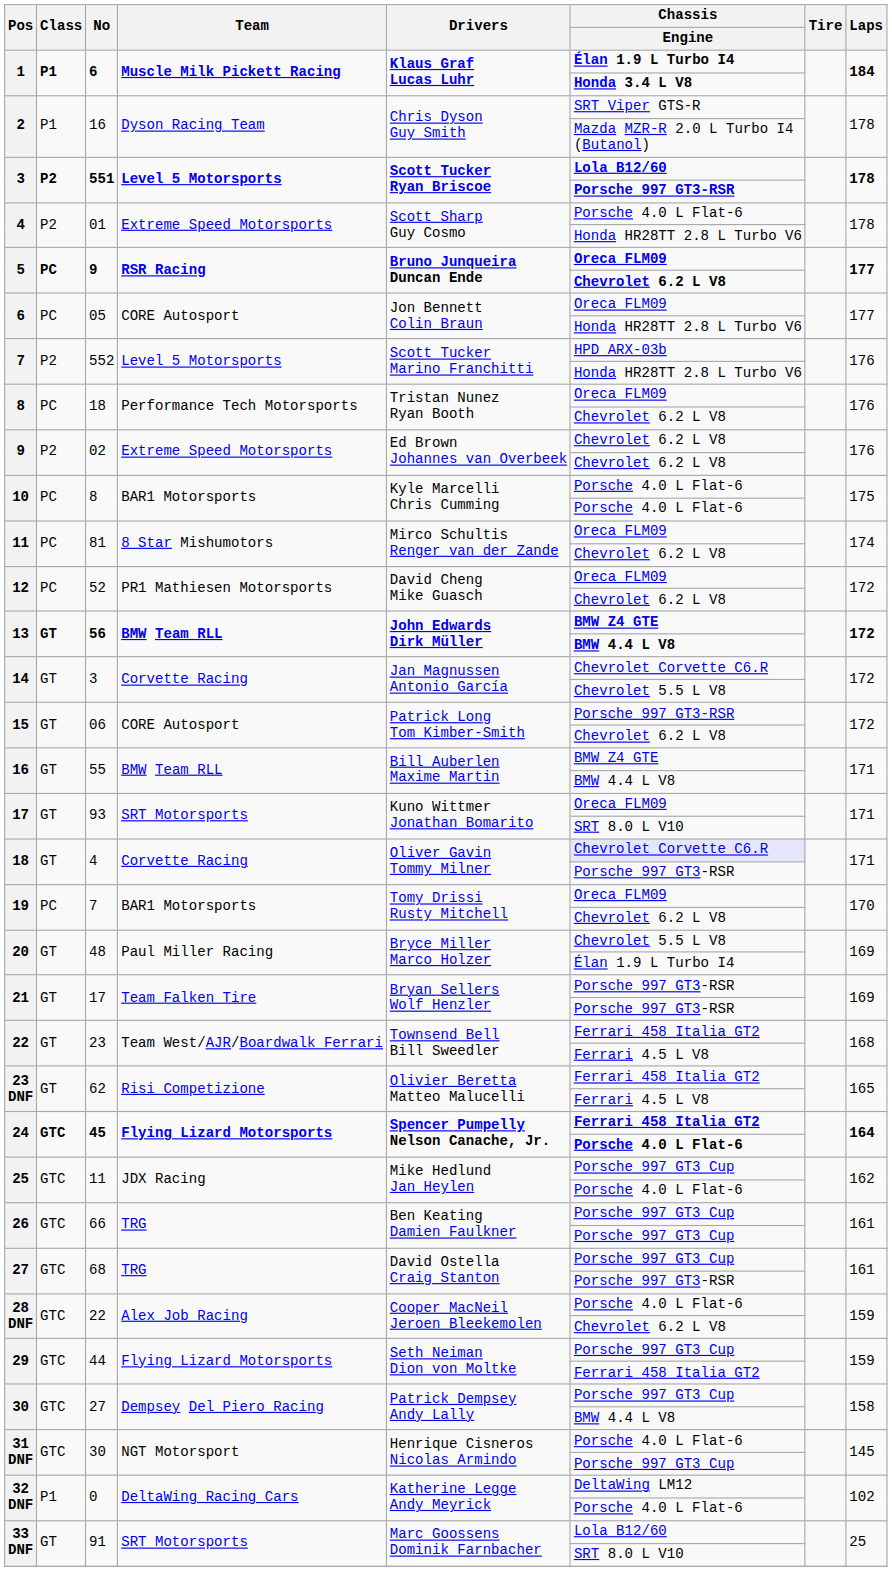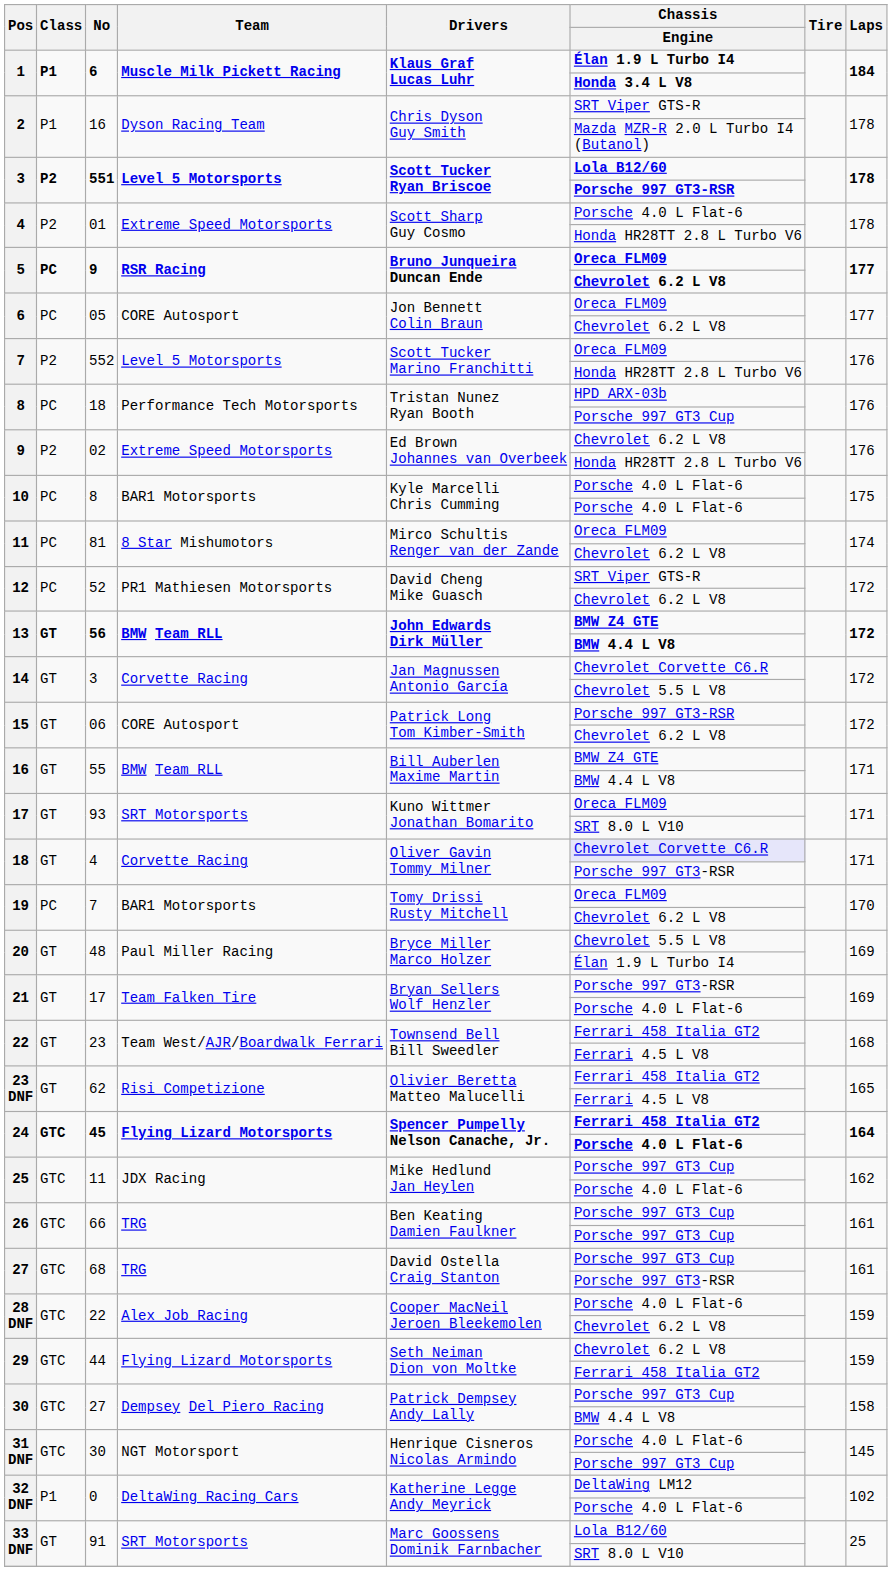 <table class="wikitable" style="font-size: 95%;">
 <tr>
 <th rowspan=2>Pos</th>
 <th rowspan=2>Class</th>
 <th rowspan=2>No</th>
 <th rowspan=2>Team</th>
 <th rowspan=2>Drivers</th>
 <th>Chassis</th>
 <th rowspan=2>Tire</th>
 <th rowspan=2>Laps</th>
 </tr>
 <tr>
 <th>Engine</th>
 </tr>
 <tr style="font-weight:bold">
 <th rowspan=2>1</th>
 <td rowspan=2>P1</td>
 <td rowspan=2>6</td>
 <td rowspan=2> <a href='#'>Muscle Milk Pickett Racing</a></td>
 <td rowspan=2> <a href='#'>Klaus Graf</a><br> <a href='#'>Lucas Luhr</a></td>
 <td><a href='#'>Élan</a> 1.9 L Turbo I4</td>
 <td rowspan=2></td>
 <td rowspan=2>184</td>
 </tr>
 <tr style="font-weight:bold">
 <td><a href='#'>Honda</a> 3.4 L V8</td>
 </tr>
 <tr>
 <th rowspan=2>2</th>
 <td rowspan=2>P1</td>
 <td rowspan=2>16</td>
 <td rowspan=2> <a href='#'>Dyson Racing Team</a></td>
 <td rowspan=2> <a href='#'>Chris Dyson</a><br> <a href='#'>Guy Smith</a></td>
 <td><a href='#'>SRT Viper</a> GTS-R</td>
 <td rowspan=2></td>
 <td rowspan=2>178</td>
 </tr>
 <tr>
 <td><a href='#'>Mazda</a> <a href='#'>MZR-R</a> 2.0 L Turbo I4<br>(<a href='#'>Butanol</a>)</td>
 </tr>
 <tr style="font-weight:bold">
 <th rowspan=2>3</th>
 <td rowspan=2>P2</td>
 <td rowspan=2>551</td>
 <td rowspan=2> <a href='#'>Level 5 Motorsports</a></td>
 <td rowspan=2> <a href='#'>Scott Tucker</a><br> <a href='#'>Ryan Briscoe</a></td>
 <td><a href='#'>Lola B12/60</a></td>
 <td rowspan=2></td>
 <td rowspan=2>178</td>
 </tr>
 <tr style="font-weight:bold">
 <td><a href='#'>Porsche 997 GT3-RSR</a></td>
 </tr>
 <tr>
 <th rowspan=2>4</th>
 <td rowspan=2>P2</td>
 <td rowspan=2>01</td>
 <td rowspan=2> <a href='#'>Extreme Speed Motorsports</a></td>
 <td rowspan=2> <a href='#'>Scott Sharp</a><br> Guy Cosmo</td>
 <td><a href='#'>Porsche</a> 4.0 L Flat-6</td>
 <td rowspan=2></td>
 <td rowspan=2>178</td>
 </tr>
 <tr>
 <td><a href='#'>Honda</a> HR28TT 2.8 L Turbo V6</td>
 </tr>
 <tr style="font-weight:bold">
 <th rowspan=2>5</th>
 <td rowspan=2>PC</td>
 <td rowspan=2>9</td>
 <td rowspan=2> <a href='#'>RSR Racing</a></td>
 <td rowspan=2> <a href='#'>Bruno Junqueira</a><br> Duncan Ende</td>
 <td><a href='#'>Oreca FLM09</a></td>
 <td rowspan=2></td>
 <td rowspan=2>177</td>
 </tr>
 <tr style="font-weight:bold">
 <td><a href='#'>Chevrolet</a> 6.2 L V8</td>
 </tr>
 <tr>
 <th rowspan=2>6</th>
 <td rowspan=2>PC</td>
 <td rowspan=2>05</td>
 <td rowspan=2> CORE Autosport</td>
 <td rowspan=2> Jon Bennett<br> <a href='#'>Colin Braun</a></td>
 <td><a href='#'>Oreca FLM09</a></td>
 <td rowspan=2></td>
 <td rowspan=2>177</td>
 </tr>
 <tr>
-<td><a href='#'>Honda</a> HR28TT 2.8 L Turbo V6</td>
+<td><a href='#'>Chevrolet</a> 6.2 L V8</td>
 </tr>
 <tr>
 <th rowspan=2>7</th>
 <td rowspan=2>P2</td>
 <td rowspan=2>552</td>
 <td rowspan=2> <a href='#'>Level 5 Motorsports</a></td>
 <td rowspan=2> <a href='#'>Scott Tucker</a><br> <a href='#'>Marino Franchitti</a></td>
-<td><a href='#'>HPD ARX-03b</a></td>
+<td><a href='#'>Oreca FLM09</a></td>
 <td rowspan=2></td>
 <td rowspan=2>176</td>
 </tr>
 <tr>
 <td><a href='#'>Honda</a> HR28TT 2.8 L Turbo V6</td>
 </tr>
 <tr>
 <th rowspan=2>8</th>
 <td rowspan=2>PC</td>
 <td rowspan=2>18</td>
 <td rowspan=2> Performance Tech Motorsports</td>
 <td rowspan=2> Tristan Nunez<br> Ryan Booth</td>
-<td><a href='#'>Oreca FLM09</a></td>
+<td><a href='#'>HPD ARX-03b</a></td>
 <td rowspan=2></td>
 <td rowspan=2>176</td>
 </tr>
 <tr>
-<td><a href='#'>Chevrolet</a> 6.2 L V8</td>
+<td><a href='#'>Porsche 997 GT3 Cup</a></td>
 </tr>
 <tr>
 <th rowspan=2>9</th>
 <td rowspan=2>P2</td>
 <td rowspan=2>02</td>
 <td rowspan=2> <a href='#'>Extreme Speed Motorsports</a></td>
 <td rowspan=2> Ed Brown<br> <a href='#'>Johannes van Overbeek</a></td>
 <td><a href='#'>Chevrolet</a> 6.2 L V8</td>
 <td rowspan=2></td>
 <td rowspan=2>176</td>
 </tr>
 <tr>
-<td><a href='#'>Chevrolet</a> 6.2 L V8</td>
+<td><a href='#'>Honda</a> HR28TT 2.8 L Turbo V6</td>
 </tr>
 <tr>
 <th rowspan=2>10</th>
 <td rowspan=2>PC</td>
 <td rowspan=2>8</td>
 <td rowspan=2> BAR1 Motorsports</td>
 <td rowspan=2> Kyle Marcelli<br> Chris Cumming</td>
 <td><a href='#'>Porsche</a> 4.0 L Flat-6</td>
 <td rowspan=2></td>
 <td rowspan=2>175</td>
 </tr>
 <tr>
 <td><a href='#'>Porsche</a> 4.0 L Flat-6</td>
 </tr>
 <tr>
 <th rowspan=2>11</th>
 <td rowspan=2>PC</td>
 <td rowspan=2>81</td>
 <td rowspan=2> <a href='#'>8 Star</a> Mishumotors</td>
 <td rowspan=2> Mirco Schultis<br> <a href='#'>Renger van der Zande</a></td>
 <td><a href='#'>Oreca FLM09</a></td>
 <td rowspan=2></td>
 <td rowspan=2>174</td>
 </tr>
 <tr>
 <td><a href='#'>Chevrolet</a> 6.2 L V8</td>
 </tr>
 <tr>
 <th rowspan=2>12</th>
 <td rowspan=2>PC</td>
 <td rowspan=2>52</td>
 <td rowspan=2> PR1 Mathiesen Motorsports</td>
 <td rowspan=2> David Cheng<br> Mike Guasch</td>
-<td><a href='#'>Oreca FLM09</a></td>
+<td><a href='#'>SRT Viper</a> GTS-R</td>
 <td rowspan=2></td>
 <td rowspan=2>172</td>
 </tr>
 <tr>
 <td><a href='#'>Chevrolet</a> 6.2 L V8</td>
 </tr>
 <tr style="font-weight:bold">
 <th rowspan=2>13</th>
 <td rowspan=2>GT</td>
 <td rowspan=2>56</td>
 <td rowspan=2> <a href='#'>BMW</a> <a href='#'>Team RLL</a></td>
 <td rowspan=2> <a href='#'>John Edwards</a><br> <a href='#'>Dirk Müller</a></td>
 <td><a href='#'>BMW Z4 GTE</a></td>
 <td rowspan=2></td>
 <td rowspan=2>172</td>
 </tr>
 <tr style="font-weight:bold">
 <td><a href='#'>BMW</a> 4.4 L V8</td>
 </tr>
 <tr>
 <th rowspan=2>14</th>
 <td rowspan=2>GT</td>
 <td rowspan=2>3</td>
 <td rowspan=2> <a href='#'>Corvette Racing</a></td>
 <td rowspan=2> <a href='#'>Jan Magnussen</a><br> <a href='#'>Antonio García</a></td>
 <td><a href='#'>Chevrolet Corvette C6.R</a></td>
 <td rowspan=2></td>
 <td rowspan=2>172</td>
 </tr>
 <tr>
 <td><a href='#'>Chevrolet</a> 5.5 L V8</td>
 </tr>
 <tr>
 <th rowspan=2>15</th>
 <td rowspan=2>GT</td>
 <td rowspan=2>06</td>
 <td rowspan=2> CORE Autosport</td>
 <td rowspan=2> <a href='#'>Patrick Long</a><br> <a href='#'>Tom Kimber-Smith</a></td>
 <td><a href='#'>Porsche 997 GT3-RSR</a></td>
 <td rowspan=2></td>
 <td rowspan=2>172</td>
 </tr>
 <tr>
 <td><a href='#'>Chevrolet</a> 6.2 L V8</td>
 </tr>
 <tr>
 <th rowspan=2>16</th>
 <td rowspan=2>GT</td>
 <td rowspan=2>55</td>
 <td rowspan=2> <a href='#'>BMW</a> <a href='#'>Team RLL</a></td>
 <td rowspan=2> <a href='#'>Bill Auberlen</a><br> <a href='#'>Maxime Martin</a></td>
 <td><a href='#'>BMW Z4 GTE</a></td>
 <td rowspan=2></td>
 <td rowspan=2>171</td>
 </tr>
 <tr>
 <td><a href='#'>BMW</a> 4.4 L V8</td>
 </tr>
 <tr>
 <th rowspan=2>17</th>
 <td rowspan=2>GT</td>
 <td rowspan=2>93</td>
 <td rowspan=2> <a href='#'>SRT Motorsports</a></td>
 <td rowspan=2> Kuno Wittmer<br> <a href='#'>Jonathan Bomarito</a></td>
 <td><a href='#'>Oreca FLM09</a></td>
 <td rowspan=2></td>
 <td rowspan=2>171</td>
 </tr>
 <tr>
 <td><a href='#'>SRT</a> 8.0 L V10</td>
 </tr>
 <tr>
 <th rowspan=2>18</th>
 <td rowspan=2>GT</td>
 <td rowspan=2>4</td>
 <td rowspan=2> <a href='#'>Corvette Racing</a></td>
 <td rowspan=2> <a href='#'>Oliver Gavin</a><br> <a href='#'>Tommy Milner</a></td>
 <td style="background: lavender;"><a href='#'>Chevrolet Corvette C6.R</a></td>
 <td rowspan=2></td>
 <td rowspan=2>171</td>
 </tr>
 <tr>
 <td><a href='#'>Porsche 997 GT3</a>-RSR</td>
 </tr>
 <tr>
 <th rowspan=2>19</th>
 <td rowspan=2>PC</td>
 <td rowspan=2>7</td>
 <td rowspan=2> BAR1 Motorsports</td>
 <td rowspan=2> <a href='#'>Tomy Drissi</a><br> <a href='#'>Rusty Mitchell</a></td>
 <td><a href='#'>Oreca FLM09</a></td>
 <td rowspan=2></td>
 <td rowspan=2>170</td>
 </tr>
 <tr>
 <td><a href='#'>Chevrolet</a> 6.2 L V8</td>
 </tr>
 <tr>
 <th rowspan=2>20</th>
 <td rowspan=2>GT</td>
 <td rowspan=2>48</td>
 <td rowspan=2> Paul Miller Racing</td>
 <td rowspan=2> <a href='#'>Bryce Miller</a><br> <a href='#'>Marco Holzer</a></td>
 <td><a href='#'>Chevrolet</a> 5.5 L V8</td>
 <td rowspan=2></td>
 <td rowspan=2>169</td>
 </tr>
 <tr>
 <td><a href='#'>Élan</a> 1.9 L Turbo I4</td>
 </tr>
 <tr>
 <th rowspan=2>21</th>
 <td rowspan=2>GT</td>
 <td rowspan=2>17</td>
 <td rowspan=2> <a href='#'>Team Falken Tire</a></td>
 <td rowspan=2> <a href='#'>Bryan Sellers</a><br> <a href='#'>Wolf Henzler</a></td>
 <td><a href='#'>Porsche 997 GT3</a>-RSR</td>
 <td rowspan=2></td>
 <td rowspan=2>169</td>
 </tr>
 <tr>
-<td><a href='#'>Porsche 997 GT3</a>-RSR</td>
+<td><a href='#'>Porsche</a> 4.0 L Flat-6</td>
 </tr>
 <tr>
 <th rowspan=2>22</th>
 <td rowspan=2>GT</td>
 <td rowspan=2>23</td>
 <td rowspan=2> Team West/<a href='#'>AJR</a>/<a href='#'>Boardwalk Ferrari</a></td>
 <td rowspan=2> <a href='#'>Townsend Bell</a><br> Bill Sweedler</td>
 <td><a href='#'>Ferrari 458 Italia GT2</a></td>
 <td rowspan=2></td>
 <td rowspan=2>168</td>
 </tr>
 <tr>
 <td><a href='#'>Ferrari</a> 4.5 L V8</td>
 </tr>
 <tr>
 <th rowspan=2>23<br>DNF</th>
 <td rowspan=2>GT</td>
 <td rowspan=2>62</td>
 <td rowspan=2> <a href='#'>Risi Competizione</a></td>
 <td rowspan=2> <a href='#'>Olivier Beretta</a><br> Matteo Malucelli</td>
 <td><a href='#'>Ferrari 458 Italia GT2</a></td>
 <td rowspan=2></td>
 <td rowspan=2>165</td>
 </tr>
 <tr>
 <td><a href='#'>Ferrari</a> 4.5 L V8</td>
 </tr>
 <tr style="font-weight:bold">
 <th rowspan=2>24</th>
 <td rowspan=2>GTC</td>
 <td rowspan=2>45</td>
 <td rowspan=2> <a href='#'>Flying Lizard Motorsports</a></td>
 <td rowspan=2> <a href='#'>Spencer Pumpelly</a><br> Nelson Canache, Jr.</td>
 <td><a href='#'>Ferrari 458 Italia GT2</a></td>
 <td rowspan=2></td>
 <td rowspan=2>164</td>
 </tr>
 <tr style="font-weight:bold">
 <td><a href='#'>Porsche</a> 4.0 L Flat-6</td>
 </tr>
 <tr>
 <th rowspan=2>25</th>
 <td rowspan=2>GTC</td>
 <td rowspan=2>11</td>
 <td rowspan=2> JDX Racing</td>
 <td rowspan=2> Mike Hedlund<br> <a href='#'>Jan Heylen</a></td>
 <td><a href='#'>Porsche 997 GT3 Cup</a></td>
 <td rowspan=2></td>
 <td rowspan=2>162</td>
 </tr>
 <tr>
 <td><a href='#'>Porsche</a> 4.0 L Flat-6</td>
 </tr>
 <tr>
 <th rowspan=2>26</th>
 <td rowspan=2>GTC</td>
 <td rowspan=2>66</td>
 <td rowspan=2> <a href='#'>TRG</a></td>
 <td rowspan=2> Ben Keating<br> <a href='#'>Damien Faulkner</a></td>
 <td><a href='#'>Porsche 997 GT3 Cup</a></td>
 <td rowspan=2></td>
 <td rowspan=2>161</td>
 </tr>
 <tr>
 <td><a href='#'>Porsche 997 GT3 Cup</a></td>
 </tr>
 <tr>
 <th rowspan=2>27</th>
 <td rowspan=2>GTC</td>
 <td rowspan=2>68</td>
 <td rowspan=2> <a href='#'>TRG</a></td>
 <td rowspan=2> David Ostella<br> <a href='#'>Craig Stanton</a></td>
 <td><a href='#'>Porsche 997 GT3 Cup</a></td>
 <td rowspan=2></td>
 <td rowspan=2>161</td>
 </tr>
 <tr>
 <td><a href='#'>Porsche 997 GT3</a>-RSR</td>
 </tr>
 <tr>
 <th rowspan=2>28<br>DNF</th>
 <td rowspan=2>GTC</td>
 <td rowspan=2>22</td>
 <td rowspan=2> <a href='#'>Alex Job Racing</a></td>
 <td rowspan=2> <a href='#'>Cooper MacNeil</a><br> <a href='#'>Jeroen Bleekemolen</a></td>
 <td><a href='#'>Porsche</a> 4.0 L Flat-6</td>
 <td rowspan=2></td>
 <td rowspan=2>159</td>
 </tr>
 <tr>
 <td><a href='#'>Chevrolet</a> 6.2 L V8</td>
 </tr>
 <tr>
 <th rowspan=2>29</th>
 <td rowspan=2>GTC</td>
 <td rowspan=2>44</td>
 <td rowspan=2> <a href='#'>Flying Lizard Motorsports</a></td>
 <td rowspan=2> <a href='#'>Seth Neiman</a><br> <a href='#'>Dion von Moltke</a></td>
-<td><a href='#'>Porsche 997 GT3 Cup</a></td>
+<td><a href='#'>Chevrolet</a> 6.2 L V8</td>
 <td rowspan=2></td>
 <td rowspan=2>159</td>
 </tr>
 <tr>
 <td><a href='#'>Ferrari 458 Italia GT2</a></td>
 </tr>
 <tr>
 <th rowspan=2>30</th>
 <td rowspan=2>GTC</td>
 <td rowspan=2>27</td>
 <td rowspan=2> <a href='#'>Dempsey</a> <a href='#'>Del Piero Racing</a></td>
 <td rowspan=2> <a href='#'>Patrick Dempsey</a><br> <a href='#'>Andy Lally</a></td>
 <td><a href='#'>Porsche 997 GT3 Cup</a></td>
 <td rowspan=2></td>
 <td rowspan=2>158</td>
 </tr>
 <tr>
 <td><a href='#'>BMW</a> 4.4 L V8</td>
 </tr>
 <tr>
 <th rowspan=2>31<br>DNF</th>
 <td rowspan=2>GTC</td>
 <td rowspan=2>30</td>
 <td rowspan=2> NGT Motorsport</td>
 <td rowspan=2> Henrique Cisneros<br> <a href='#'>Nicolas Armindo</a></td>
 <td><a href='#'>Porsche</a> 4.0 L Flat-6</td>
 <td rowspan=2></td>
 <td rowspan=2>145</td>
 </tr>
 <tr>
 <td><a href='#'>Porsche 997 GT3 Cup</a></td>
 </tr>
 <tr>
 <th rowspan=2>32<br>DNF</th>
 <td rowspan=2>P1</td>
 <td rowspan=2>0</td>
 <td rowspan=2> <a href='#'>DeltaWing Racing Cars</a></td>
 <td rowspan=2> <a href='#'>Katherine Legge</a><br> <a href='#'>Andy Meyrick</a></td>
 <td><a href='#'>DeltaWing</a> LM12</td>
 <td rowspan=2></td>
 <td rowspan=2>102</td>
 </tr>
 <tr>
 <td><a href='#'>Porsche</a> 4.0 L Flat-6</td>
 </tr>
 <tr>
 <th rowspan=2>33<br>DNF</th>
 <td rowspan=2>GT</td>
 <td rowspan=2>91</td>
 <td rowspan=2> <a href='#'>SRT Motorsports</a></td>
 <td rowspan=2> <a href='#'>Marc Goossens</a><br> <a href='#'>Dominik Farnbacher</a></td>
 <td><a href='#'>Lola B12/60</a></td>
 <td rowspan=2></td>
 <td rowspan=2>25</td>
 </tr>
 <tr>
 <td><a href='#'>SRT</a> 8.0 L V10</td>
 </tr>
 <tr>
 </tr>
 </table>
